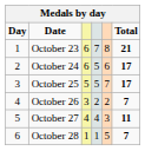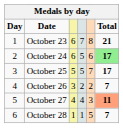 <table class=wikitable style="font-size:85%; text-align:center;float:right;clear:right;margin-left:1em;">
 <tr>
 <th colspan=7>Medals by day</th>
 </tr>
 <tr>
 <td><strong>Day</strong></td>
 <td><strong>Date</strong></td>
 <td bgcolor=F7F6A8></td>
 <td bgcolor=DCE5E5></td>
 <td bgcolor=FFDAB9></td>
 <td><strong>Total</strong></td>
 </tr>
 <tr>
 <td>1</td>
 <td>October 23</td>
 <td bgcolor=F7F6A8>6</td>
 <td bgcolor=DCE5E5>7</td>
 <td bgcolor=FFDAB9>8</td>
 <td><strong>21</strong></td>
 </tr>
 <tr>
 <td>2</td>
 <td>October 24</td>
 <td bgcolor=F7F6A8>6</td>
 <td bgcolor=DCE5E5>5</td>
 <td bgcolor=FFDAB9>6</td>
-<td><strong>17</strong></td>
+<td style="background: lightgreen;"><strong>17</strong></td>
 </tr>
 <tr>
 <td>3</td>
 <td>October 25</td>
 <td bgcolor=F7F6A8>5</td>
 <td bgcolor=DCE5E5>5</td>
 <td bgcolor=FFDAB9>7</td>
 <td><strong>17</strong></td>
 </tr>
 <tr>
 <td>4</td>
 <td>October 26</td>
 <td bgcolor=F7F6A8>3</td>
 <td bgcolor=DCE5E5>2</td>
 <td bgcolor=FFDAB9>2</td>
 <td><strong>7</strong></td>
 </tr>
 <tr>
 <td>5</td>
 <td>October 27</td>
 <td bgcolor=F7F6A8>4</td>
 <td bgcolor=DCE5E5>4</td>
 <td bgcolor=FFDAB9>3</td>
-<td><strong>11</strong></td>
+<td style="background: lightsalmon;"><strong>11</strong></td>
 </tr>
 <tr>
 <td>6</td>
 <td>October 28</td>
 <td bgcolor=F7F6A8>1</td>
 <td bgcolor=DCE5E5>1</td>
 <td bgcolor=FFDAB9>5</td>
 <td><strong>7</strong></td>
 </tr>
 </table>
